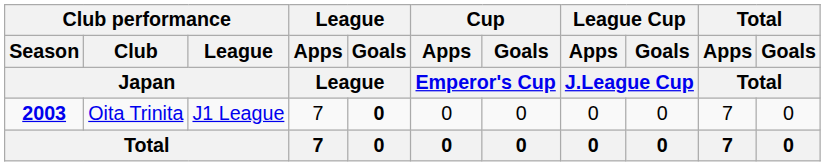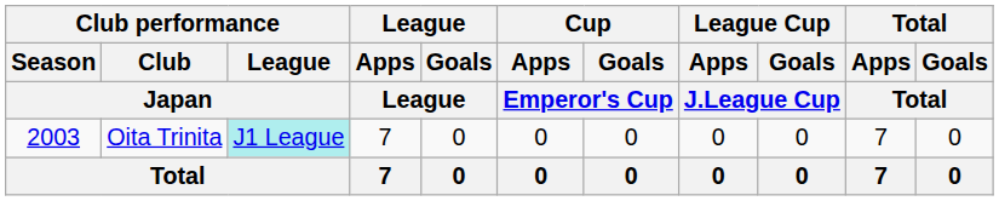 <table class="wikitable" style="text-align:center;">
 <tr>
 <th colspan=3>Club performance</th>
 <th colspan=2>League</th>
 <th colspan=2>Cup</th>
 <th colspan=2>League Cup</th>
 <th colspan=2>Total</th>
 </tr>
 <tr>
 <th>Season</th>
 <th>Club</th>
 <th>League</th>
 <th>Apps</th>
 <th>Goals</th>
 <th>Apps</th>
 <th>Goals</th>
 <th>Apps</th>
 <th>Goals</th>
 <th>Apps</th>
 <th>Goals</th>
 </tr>
 <tr>
 <th colspan=3>Japan</th>
 <th colspan=2>League</th>
 <th colspan=2><a href='#'>Emperor's Cup</a></th>
 <th colspan=2><a href='#'>J.League Cup</a></th>
 <th colspan=2>Total</th>
 </tr>
 <tr>
-<td><strong><a href='#'>2003</a></strong></td>
+<td><a href='#'>2003</a></td>
 <td><a href='#'>Oita Trinita</a></td>
-<td><a href='#'>J1 League</a></td>
+<td style="background: paleturquoise;"><a href='#'>J1 League</a></td>
 <td>7</td>
-<td><strong>0</strong></td>
+<td>0</td>
 <td>0</td>
 <td>0</td>
 <td>0</td>
 <td>0</td>
 <td>7</td>
 <td>0</td>
 </tr>
 <tr>
 <th colspan=3>Total</th>
 <th>7</th>
 <th>0</th>
 <th>0</th>
 <th>0</th>
 <th>0</th>
 <th>0</th>
 <th>7</th>
 <th>0</th>
 </tr>
 </table>
